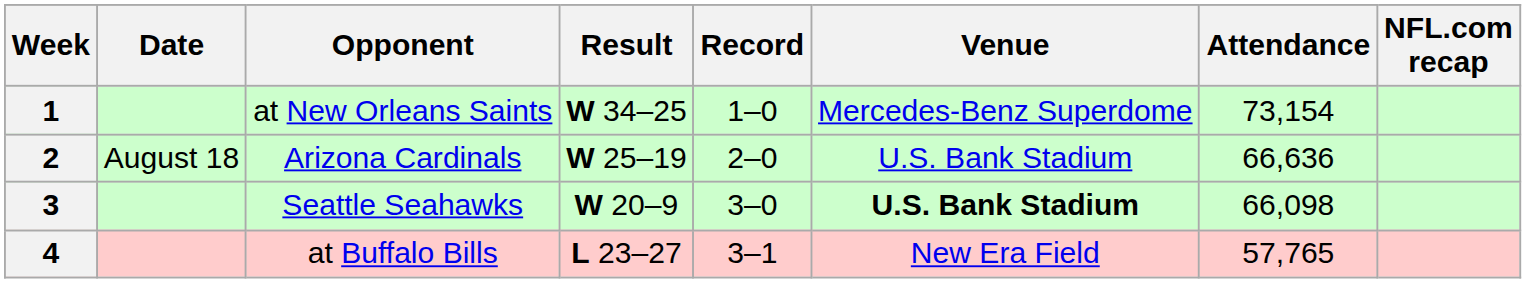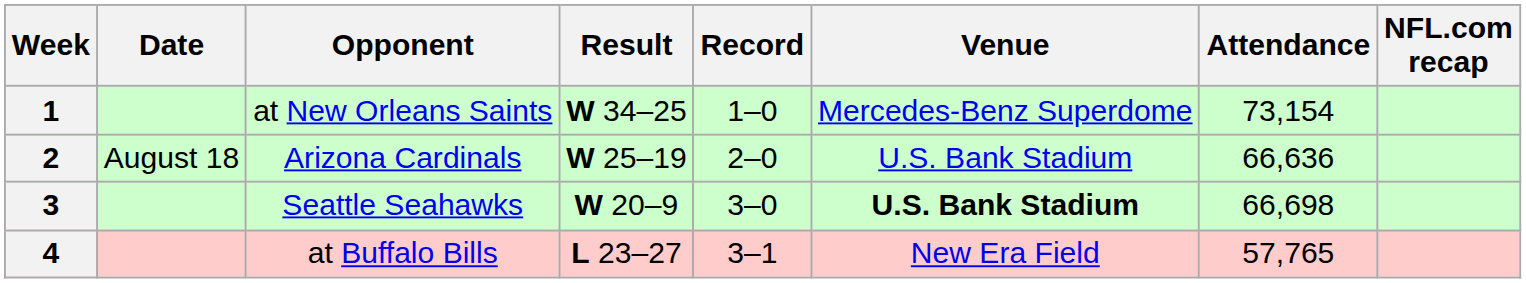 <table class="wikitable" style="text-align:center">
 <tr>
 <th>Week</th>
 <th>Date</th>
 <th>Opponent</th>
 <th>Result</th>
 <th>Record</th>
 <th>Venue</th>
 <th>Attendance</th>
 <th>NFL.com<br>recap</th>
 </tr>
 <tr style="background:#cfc">
 <th>1</th>
 <td></td>
 <td>at <a href='#'>New Orleans Saints</a></td>
 <td><strong>W</strong> 34–25</td>
 <td>1–0</td>
 <td><a href='#'>Mercedes-Benz Superdome</a></td>
 <td>73,154</td>
 <td></td>
 </tr>
 <tr style="background:#cfc">
 <th>2</th>
 <td>August 18</td>
 <td><a href='#'>Arizona Cardinals</a></td>
 <td><strong>W</strong> 25–19</td>
 <td>2–0</td>
 <td><a href='#'>U.S. Bank Stadium</a></td>
 <td>66,636</td>
 <td></td>
 </tr>
 <tr style="background:#cfc">
 <th>3</th>
 <td></td>
 <td><a href='#'>Seattle Seahawks</a></td>
 <td><strong>W</strong> 20–9</td>
 <td>3–0</td>
 <td><strong>U.S. Bank Stadium</strong></td>
-<td>66,098</td>
+<td>66,698</td>
 <td></td>
 </tr>
 <tr style="background:#fcc">
 <th>4</th>
 <td></td>
 <td>at <a href='#'>Buffalo Bills</a></td>
 <td><strong>L</strong> 23–27</td>
 <td>3–1</td>
 <td><a href='#'>New Era Field</a></td>
 <td>57,765</td>
 <td></td>
 </tr>
 </table>
